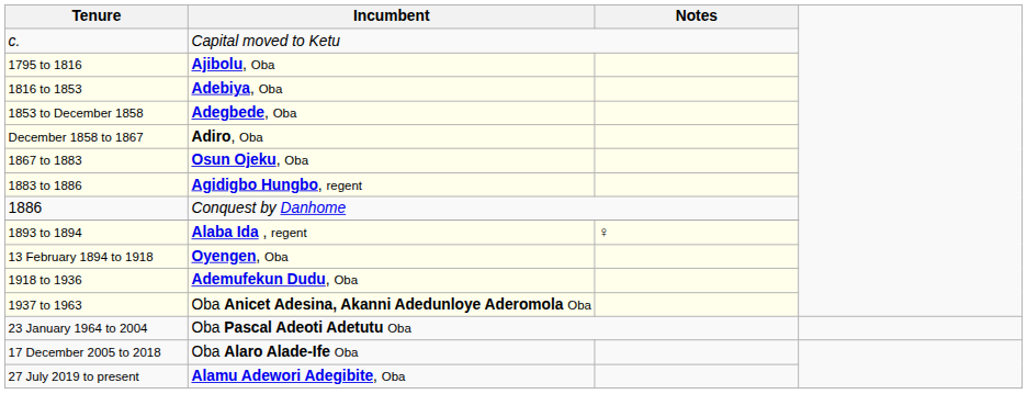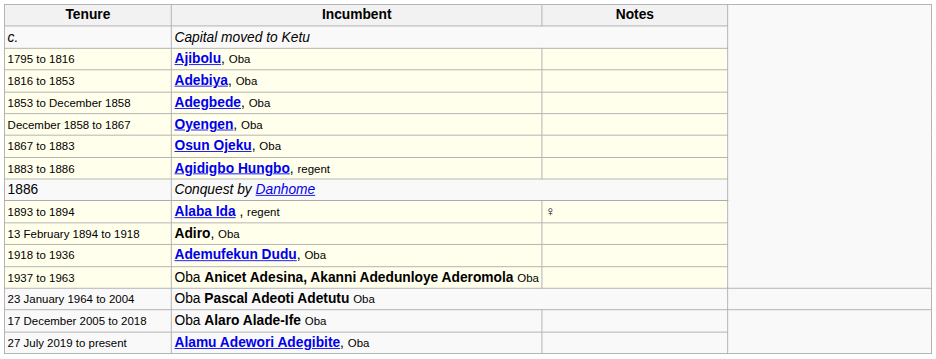 <table class="wikitable">
 <tr align=left>
 <th width="18%">Tenure</th>
 <th width="40%">Incumbent</th>
 <th width="20%">Notes</th>
 </tr>
 <tr valign=top>
 <td><em>c.</em></td>
 <td colspan="2"><em>Capital moved to Ketu</em></td>
 </tr>
 <tr valign=top bgcolor="#ffffec">
 <td><small>1795 to 1816</small></td>
 <td><strong><a href='#'>Ajibolu</a></strong>, <small>Oba</small></td>
 <td></td>
 </tr>
 <tr valign=top bgcolor="#ffffec">
 <td><small>1816 to 1853</small></td>
 <td><strong><a href='#'>Adebiya</a></strong>, <small>Oba</small></td>
 <td></td>
 </tr>
 <tr valign=top bgcolor="#ffffec">
 <td><small>1853 to December 1858</small></td>
 <td><strong><a href='#'>Adegbede</a></strong>, <small>Oba</small></td>
 <td></td>
 </tr>
 <tr valign=top bgcolor="#ffffec">
 <td><small>December 1858 to 1867</small></td>
-<td><strong>Adiro</strong>, <small>Oba</small></td>
+<td><strong><a href='#'>Oyengen</a></strong>, <small>Oba</small></td>
 <td></td>
 </tr>
 <tr valign=top bgcolor="#ffffec">
 <td><small>1867 to 1883</small></td>
 <td><strong><a href='#'>Osun Ojeku</a></strong>, <small>Oba</small></td>
 <td></td>
 </tr>
 <tr valign=top bgcolor="#ffffec">
 <td><small>1883 to 1886</small></td>
 <td><strong><a href='#'>Agidigbo Hungbo</a></strong>, <small>regent</small></td>
 <td></td>
 </tr>
 <tr valign=top>
 <td>1886</td>
 <td colspan="2"><em>Conquest by <a href='#'>Danhome</a></em></td>
 </tr>
 <tr valign=top>
 </tr>
 <tr valign=top bgcolor="#ffffec">
 <td><small>1893 to 1894</small></td>
 <td><strong><a href='#'>Alaba Ida</a></strong> , <small>regent</small></td>
 <td>♀</td>
 </tr>
 <tr valign=top bgcolor="#ffffec">
 <td><small>13 February 1894 to 1918</small></td>
-<td><strong><a href='#'>Oyengen</a></strong>, <small>Oba</small></td>
+<td><strong>Adiro</strong>, <small>Oba</small></td>
 <td></td>
 </tr>
 <tr valign=top bgcolor="#ffffec">
 <td><small>1918 to 1936</small></td>
 <td><strong><a href='#'>Ademufekun Dudu</a></strong>, <small>Oba</small></td>
 <td></td>
 </tr>
 <tr valign=top bgcolor="#ffffec">
 <td><small>1937 to 1963</small></td>
 <td clospan="2">Oba <strong>Anicet Adesina, Akanni Adedunloye Aderomola</strong> <small>Oba</small></td>
 <td></td>
 </tr>
 <tr valign=top>
 <td><small>23 January 1964 to 2004</small></td>
 <td colspan="2">Oba <strong>Pascal Adeoti Adetutu</strong> <small>Oba</small></td>
 <td></td>
 </tr>
 <tr valign=top>
 <td><small>17 December 2005 to 2018</small></td>
 <td clospan="2">Oba <strong>Alaro Alade-Ife</strong> <small>Oba</small></td>
 <td></td>
 </tr>
 <tr valign=top>
 <td><small>27 July 2019 to present</small></td>
 <td><strong><a href='#'>Alamu Adewori Adegibite</a></strong>, <small>Oba</small></td>
 <td></td>
 </tr>
 </table>
